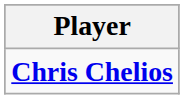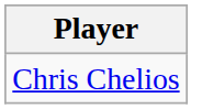 <table class="wikitable">
 <tr>
 <th>Player</th>
 </tr>
 <tr>
-<td><strong><a href='#'>Chris Chelios</a></strong></td>
+<td><a href='#'>Chris Chelios</a></td>
 </tr>
 </table>
